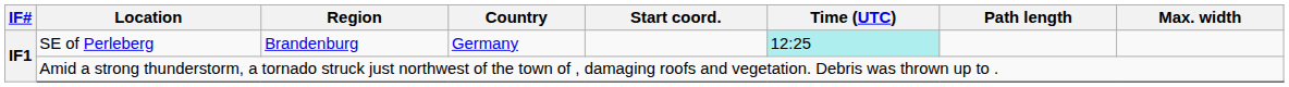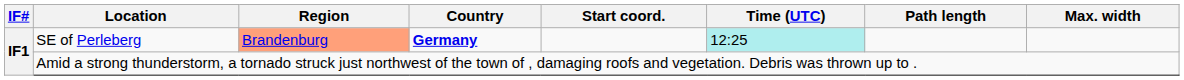 <table class="wikitable sortable" style="width:100%;">
 <tr>
 <th scope="col" width="2%" align="center"><a href='#'>IF#</a></th>
 <th scope="col" align="center" class="unsortable">Location</th>
 <th scope="col" align="center" class="unsortable">Region</th>
 <th scope="col" align="center">Country</th>
 <th scope="col" align="center">Start coord.</th>
 <th scope="col" align="center">Time (<a href='#'>UTC</a>)</th>
 <th scope="col" align="center">Path length</th>
 <th scope="col" align="center">Max. width</th>
 </tr>
 <tr>
 <th scope="row" rowspan="2" style="background-color:#">IF1</th>
 <td>SE of <a href='#'>Perleberg</a></td>
-<td><a href='#'>Brandenburg</a></td>
-<td><a href='#'>Germany</a></td>
+<td style="background: lightsalmon;"><a href='#'>Brandenburg</a></td>
+<td><strong><a href='#'>Germany</a></strong></td>
 <td></td>
 <td style="background: paleturquoise;">12:25</td>
 <td></td>
 <td></td>
 </tr>
 <tr class="expand-child">
 <td colspan="8" style=" border-bottom: 1px solid black;">Amid a strong thunderstorm, a tornado struck just northwest of the town of , damaging roofs and vegetation. Debris was thrown up to .</td>
 </tr>
 </table>
